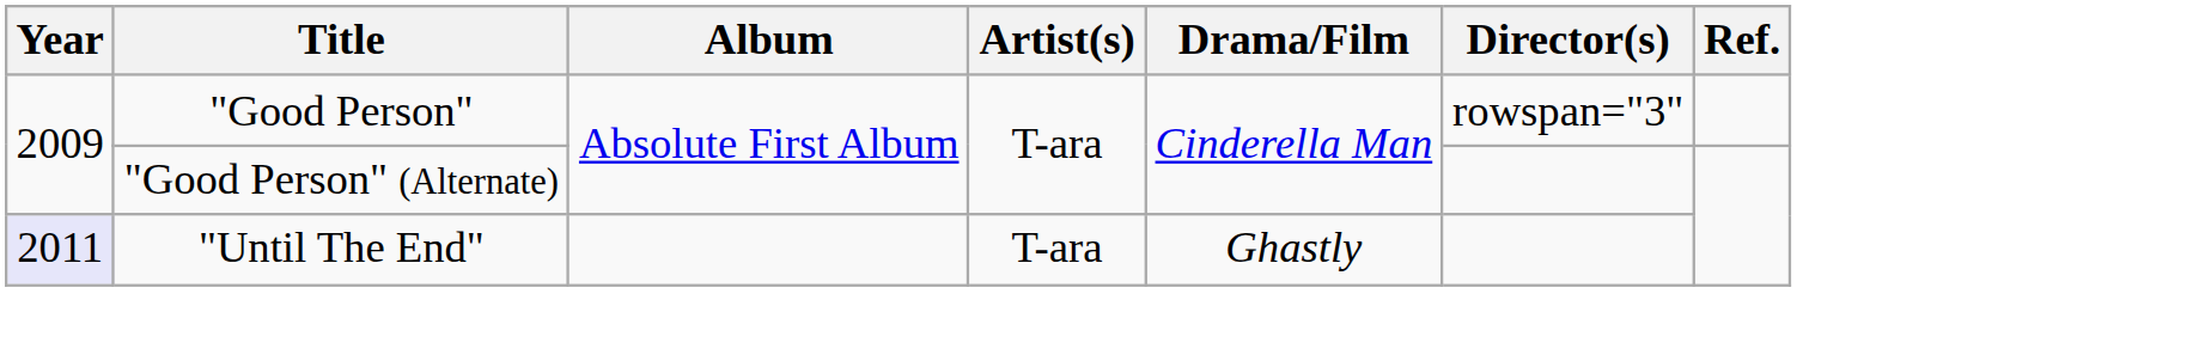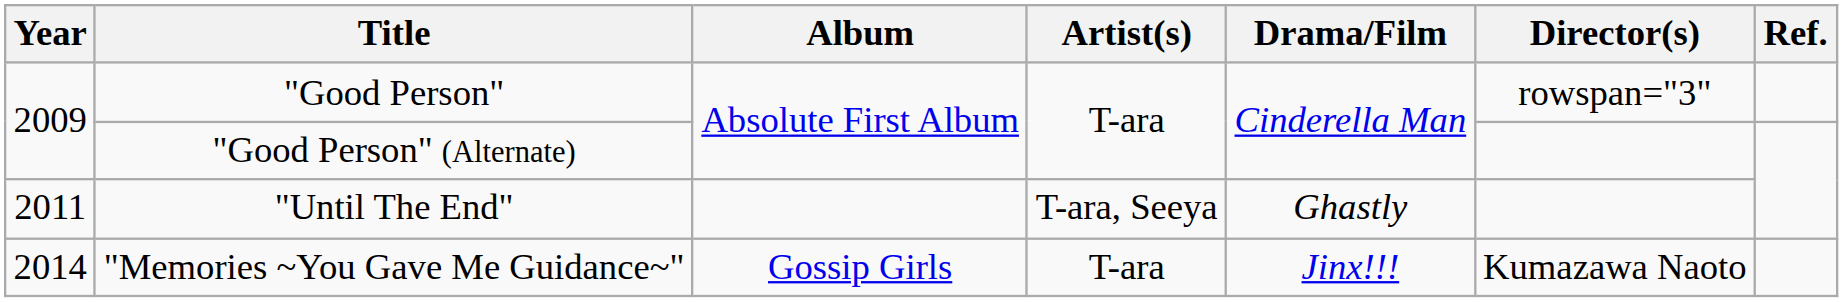 <table class="wikitable plainrowheaders" style="text-align:center; table-layout:fixed; margin-right:0">
 <tr>
 <th scope="col">Year</th>
 <th scope="col">Title</th>
 <th scope="col">Album</th>
 <th scope="col">Artist(s)</th>
 <th>Drama/Film</th>
 <th scope="col">Director(s)</th>
 <th>Ref.</th>
 </tr>
 <tr>
 <td rowspan="2">2009</td>
 <td>"Good Person"</td>
 <td rowspan="2"><a href='#'>Absolute First Album</a></td>
 <td rowspan="2">T-ara</td>
 <td rowspan="2"><em><a href='#'>Cinderella Man</a></em></td>
 <td>rowspan="3" </td>
 <td></td>
 </tr>
 <tr>
 <td>"Good Person" <small>(Alternate)</small></td>
 <td></td>
 </tr>
 <tr>
-<td style="background: lavender;">2011</td>
+<td>2011</td>
 <td>"Until The End"</td>
 <td></td>
-<td>T-ara</td>
+<td>T-ara, Seeya</td>
 <td><em>Ghastly</em></td>
 <td></td>
 </tr>
+<tr>
+<td>2014</td>
+<td>"Memories ~You Gave Me Guidance~"</td>
+<td><a href='#'>Gossip Girls</a></td>
+<td>T-ara</td>
+<td><em><a href='#'>Jinx!!!</a></em></td>
+<td>Kumazawa Naoto</td>
+<td></td>
+</tr>
 </table>
